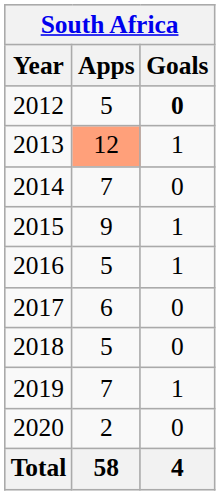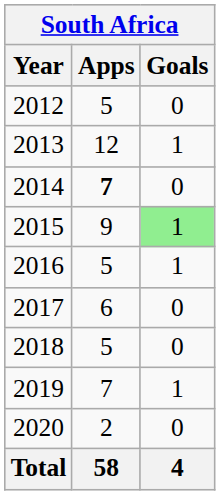 <table class="wikitable" style="text-align:center">
 <tr>
 <th colspan="3"><a href='#'>South Africa</a></th>
 </tr>
 <tr>
 <th>Year</th>
 <th>Apps</th>
 <th>Goals</th>
 </tr>
 <tr>
 <td>2012</td>
 <td>5</td>
-<td><strong>0</strong></td>
+<td>0</td>
 </tr>
 <tr>
 <td>2013</td>
-<td style="background: lightsalmon;">12</td>
+<td>12</td>
 <td>1</td>
 </tr>
 <tr>
 <td>2014</td>
-<td>7</td>
+<td><strong>7</strong></td>
 <td>0</td>
 </tr>
 <tr>
 <td>2015</td>
 <td>9</td>
-<td>1</td>
+<td style="background: lightgreen;">1</td>
 </tr>
 <tr>
 <td>2016</td>
 <td>5</td>
 <td>1</td>
 </tr>
 <tr>
 <td>2017</td>
 <td>6</td>
 <td>0</td>
 </tr>
 <tr>
 <td>2018</td>
 <td>5</td>
 <td>0</td>
 </tr>
 <tr>
 <td>2019</td>
 <td>7</td>
 <td>1</td>
 </tr>
 <tr>
 <td>2020</td>
 <td>2</td>
 <td>0</td>
 </tr>
 <tr>
 <th>Total</th>
 <th>58</th>
 <th>4</th>
 </tr>
 </table>
